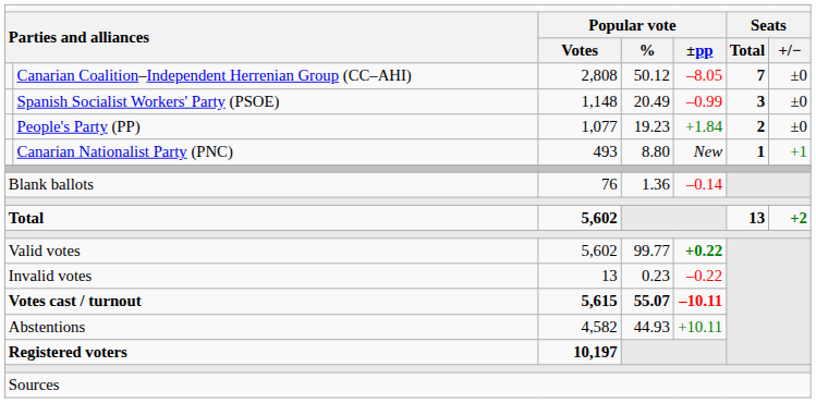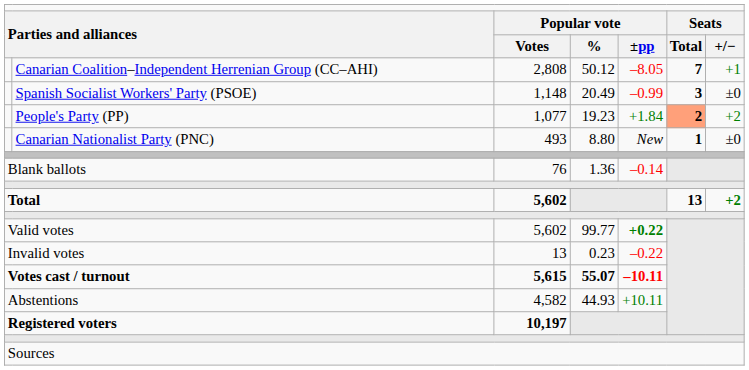 <table class="wikitable" style="text-align:right;">
 <tr>
 <td colspan="7"></td>
 </tr>
 <tr>
 <th style="text-align:left;" rowspan="2" colspan="2" width="525">Parties and alliances</th>
 <th colspan="3">Popular vote</th>
 <th colspan="2">Seats</th>
 </tr>
 <tr>
 <th width="75">Votes</th>
 <th width="45">%</th>
 <th width="45">±<a href='#'>pp</a></th>
 <th width="35">Total</th>
 <th width="35">+/−</th>
 </tr>
 <tr>
 <td width="1" style="color:inherit;background:"></td>
 <td align="left"><a href='#'>Canarian Coalition</a>–<a href='#'>Independent Herrenian Group</a> (CC–AHI)</td>
 <td>2,808</td>
 <td>50.12</td>
 <td style="color:red;">–8.05</td>
 <td><strong>7</strong></td>
-<td>±0</td>
+<td style="color:green;">+1</td>
 </tr>
 <tr>
 <td style="color:inherit;background:"></td>
 <td align="left"><a href='#'>Spanish Socialist Workers' Party</a> (PSOE)</td>
 <td>1,148</td>
 <td>20.49</td>
 <td style="color:red;">–0.99</td>
 <td><strong>3</strong></td>
 <td>±0</td>
 </tr>
 <tr>
 <td style="color:inherit;background:"></td>
 <td align="left"><a href='#'>People's Party</a> (PP)</td>
 <td>1,077</td>
 <td>19.23</td>
 <td style="color:green;">+1.84</td>
-<td><strong>2</strong></td>
-<td>±0</td>
+<td style="background: lightsalmon;"><strong>2</strong></td>
+<td style="color:green;">+2</td>
 </tr>
 <tr>
 <td style="color:inherit;background:"></td>
 <td align="left"><a href='#'>Canarian Nationalist Party</a> (PNC)</td>
 <td>493</td>
 <td>8.80</td>
 <td><em>New</em></td>
 <td><strong>1</strong></td>
-<td style="color:green;">+1</td>
+<td>±0</td>
 </tr>
 <tr>
 <td colspan="7" bgcolor="#C0C0C0"></td>
 </tr>
 <tr>
 <td align="left" colspan="2">Blank ballots</td>
 <td>76</td>
 <td>1.36</td>
 <td style="color:red;">–0.14</td>
 <td bgcolor="#E9E9E9" colspan="2"></td>
 </tr>
 <tr>
 <td colspan="7" bgcolor="#E9E9E9"></td>
 </tr>
 <tr style="font-weight:bold;">
 <td align="left" colspan="2">Total</td>
 <td>5,602</td>
 <td bgcolor="#E9E9E9" colspan="2"></td>
 <td>13</td>
 <td style="color:green;">+2</td>
 </tr>
 <tr>
 <td colspan="7" bgcolor="#E9E9E9"></td>
 </tr>
 <tr>
 <td align="left" colspan="2">Valid votes</td>
 <td>5,602</td>
 <td>99.77</td>
 <td style="color:green;"><strong>+0.22</strong></td>
 <td bgcolor="#E9E9E9" colspan="2" rowspan="5"></td>
 </tr>
 <tr>
 <td align="left" colspan="2">Invalid votes</td>
 <td>13</td>
 <td>0.23</td>
 <td style="color:red;">–0.22</td>
 </tr>
 <tr style="font-weight:bold;">
 <td align="left" colspan="2">Votes cast / turnout</td>
 <td>5,615</td>
 <td>55.07</td>
 <td style="color:red;">–10.11</td>
 </tr>
 <tr>
 <td align="left" colspan="2">Abstentions</td>
 <td>4,582</td>
 <td>44.93</td>
 <td style="color:green;">+10.11</td>
 </tr>
 <tr style="font-weight:bold;">
 <td align="left" colspan="2">Registered voters</td>
 <td>10,197</td>
 <td bgcolor="#E9E9E9" colspan="2"></td>
 </tr>
 <tr>
 <td colspan="7" bgcolor="#E9E9E9"></td>
 </tr>
 <tr>
 <td align="left" colspan="7">Sources</td>
 </tr>
 </table>
